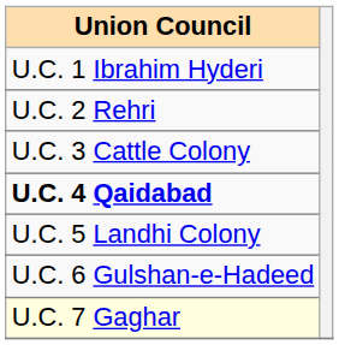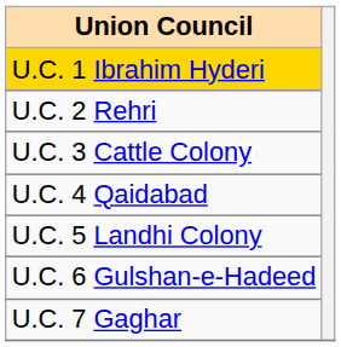 <table class="sortable wikitable" align="left">
 <tr>
 <th style="background:#ffdead;"><strong>Union Council</strong></th>
 <th rowspan=8 style="border-bottom:1px solid grey;" valign="top" class="unsortable"><br><br></th>
 </tr>
 <tr>
-<td style="border-bottom:1px solid grey;">U.C. 1 <a href='#'>Ibrahim Hyderi</a></td>
+<td style="background: gold; border-bottom:1px solid grey;">U.C. 1 <a href='#'>Ibrahim Hyderi</a></td>
 </tr>
 <tr>
 <td style="border-bottom:1px solid grey;">U.C. 2 <a href='#'>Rehri</a></td>
 </tr>
 <tr>
 <td style="border-bottom:1px solid grey;">U.C. 3 <a href='#'>Cattle Colony</a></td>
 </tr>
 <tr>
-<td style="border-bottom:1px solid grey;"><strong>U.C. 4 <a href='#'>Qaidabad</a></strong></td>
+<td style="border-bottom:1px solid grey;">U.C. 4 <a href='#'>Qaidabad</a></td>
 </tr>
 <tr>
 <td style="border-bottom:1px solid grey;">U.C. 5 <a href='#'>Landhi Colony</a></td>
 </tr>
 <tr>
 <td style="border-bottom:1px solid grey;">U.C. 6 <a href='#'>Gulshan-e-Hadeed</a></td>
 </tr>
 <tr>
-<td style="background: lightyellow; border-bottom:1px solid grey;">U.C. 7 <a href='#'>Gaghar</a></td>
+<td style="border-bottom:1px solid grey;">U.C. 7 <a href='#'>Gaghar</a></td>
 </tr>
 <tr style="border-bottom:1px solid grey;"|U.C. 7>
 </tr>
 </table>
